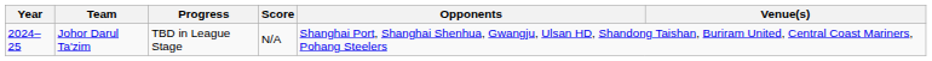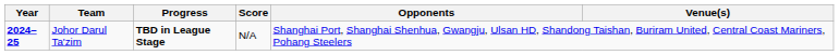 <table class="wikitable">
 <tr>
 <th>Year</th>
 <th>Team</th>
 <th>Progress</th>
 <th>Score</th>
 <th>Opponents</th>
 <th>Venue(s)</th>
 </tr>
 <tr>
-<td><a href='#'>2024–25</a></td>
+<td><strong><a href='#'>2024–25</a></strong></td>
 <td><a href='#'>Johor Darul Ta'zim</a></td>
-<td>TBD in League Stage</td>
+<td><strong>TBD in League Stage</strong></td>
 <td>N/A</td>
 <td colspan="2"> <a href='#'>Shanghai Port</a>,  <a href='#'>Shanghai Shenhua</a>,  <a href='#'>Gwangju</a>,  <a href='#'>Ulsan HD</a>,  <a href='#'>Shandong Taishan</a>,  <a href='#'>Buriram United</a>,  <a href='#'>Central Coast Mariners</a>,  <a href='#'>Pohang Steelers</a></td>
 </tr>
 </table>
